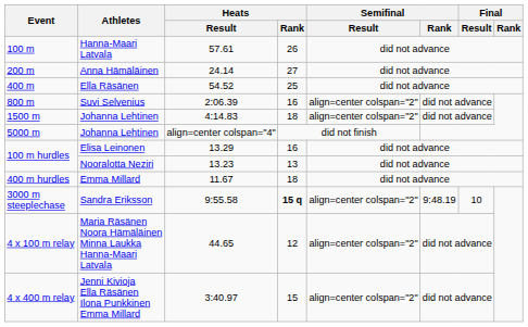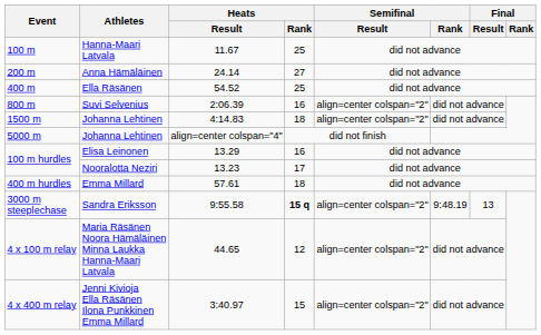 <table class="wikitable" border="1" style="font-size:90%">
 <tr>
 <th rowspan="2" width=100>Event</th>
 <th rowspan="2" width=120>Athletes</th>
 <th colspan="2">Heats</th>
 <th colspan="2">Semifinal</th>
 <th colspan="2">Final</th>
 </tr>
 <tr>
 <th>Result</th>
 <th>Rank</th>
 <th>Result</th>
 <th>Rank</th>
 <th>Result</th>
 <th>Rank</th>
 </tr>
 <tr>
 <td><a href='#'>100 m</a></td>
 <td><a href='#'>Hanna-Maari Latvala</a></td>
-<td align=center>57.61</td>
-<td align=center>26</td>
+<td align=center>11.67</td>
+<td align=center>25</td>
 <td align=center colspan="4">did not advance</td>
 </tr>
 <tr>
 <td><a href='#'>200 m</a></td>
 <td><a href='#'>Anna Hämäläinen</a></td>
 <td align=center>24.14</td>
 <td align=center>27</td>
 <td align=center colspan="4">did not advance</td>
 </tr>
 <tr>
 <td><a href='#'>400 m</a></td>
 <td><a href='#'>Ella Räsänen</a></td>
 <td align=center>54.52</td>
 <td align=center>25</td>
 <td align=center colspan="4">did not advance</td>
 </tr>
 <tr>
 <td><a href='#'>800 m</a></td>
 <td><a href='#'>Suvi Selvenius</a></td>
 <td align=center>2:06.39</td>
 <td align=center>16</td>
 <td>align=center colspan="2" </td>
 <td align=center colspan="2">did not advance</td>
 </tr>
 <tr>
 <td><a href='#'>1500 m</a></td>
 <td><a href='#'>Johanna Lehtinen</a></td>
 <td align=center>4:14.83</td>
 <td align=center>18</td>
 <td>align=center colspan="2" </td>
 <td align=center colspan="2">did not advance</td>
 </tr>
 <tr>
 <td><a href='#'>5000 m</a></td>
 <td><a href='#'>Johanna Lehtinen</a></td>
 <td>align=center colspan="4" </td>
 <td align=center colspan="2">did not finish</td>
 </tr>
 <tr>
 <td rowspan=2><a href='#'>100 m hurdles</a></td>
 <td><a href='#'>Elisa Leinonen</a></td>
 <td align=center>13.29</td>
 <td align=center>16</td>
 <td align=center colspan="4">did not advance</td>
 </tr>
 <tr>
 <td><a href='#'>Nooralotta Neziri</a></td>
 <td align=center>13.23</td>
-<td align=center>13</td>
+<td align=center>17</td>
 <td align=center colspan="4">did not advance</td>
 </tr>
 <tr>
 <td><a href='#'>400 m hurdles</a></td>
 <td><a href='#'>Emma Millard</a></td>
-<td align=center>11.67</td>
+<td align=center>57.61</td>
 <td align=center>18</td>
 <td align=center colspan="4">did not advance</td>
 </tr>
 <tr>
 <td><a href='#'>3000 m steeplechase</a></td>
 <td><a href='#'>Sandra Eriksson</a></td>
 <td align=center>9:55.58</td>
 <td align=center><strong>15 q</strong></td>
 <td>align=center colspan="2" </td>
 <td align=center>9:48.19</td>
-<td align=center>10</td>
+<td align=center>13</td>
 </tr>
 <tr>
 <td><a href='#'>4 x 100 m relay</a></td>
 <td><a href='#'>Maria Räsänen</a><br><a href='#'>Noora Hämäläinen</a><br><a href='#'>Minna Laukka</a><br><a href='#'>Hanna-Maari Latvala</a></td>
 <td align=center>44.65</td>
 <td align=center>12</td>
 <td>align=center colspan="2" </td>
 <td align=center colspan="2">did not advance</td>
 </tr>
 <tr>
 <td><a href='#'>4 x 400 m relay</a></td>
 <td><a href='#'>Jenni Kivioja</a><br><a href='#'>Ella Räsänen</a><br><a href='#'>Ilona Punkkinen</a><br><a href='#'>Emma Millard</a></td>
 <td align=center>3:40.97</td>
 <td align=center>15</td>
 <td>align=center colspan="2" </td>
 <td align=center colspan="2">did not advance</td>
 </tr>
 </table>
